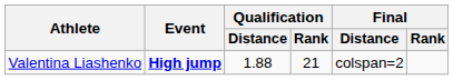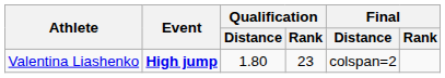 <table class="wikitable" style="font-size:90%">
 <tr>
 <th rowspan=2>Athlete</th>
 <th rowspan=2>Event</th>
 <th colspan=2>Qualification</th>
 <th colspan=2>Final</th>
 </tr>
 <tr style="font-size:95%">
 <th>Distance</th>
 <th>Rank</th>
 <th>Distance</th>
 <th>Rank</th>
 </tr>
 <tr align="center">
 <td align=left><a href='#'>Valentina Liashenko</a></td>
 <td style="text-align:left;"><strong><a href='#'>High jump</a></strong></td>
-<td>1.88</td>
-<td>21</td>
+<td>1.80</td>
+<td>23</td>
 <td>colspan=2 </td>
 </tr>
 </table>
